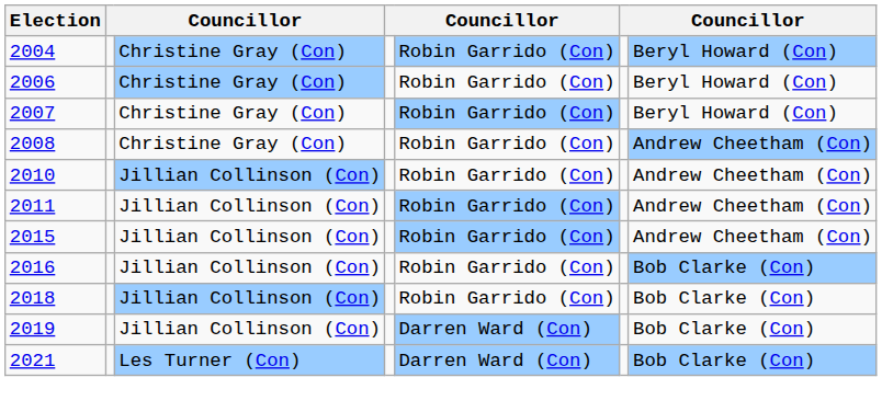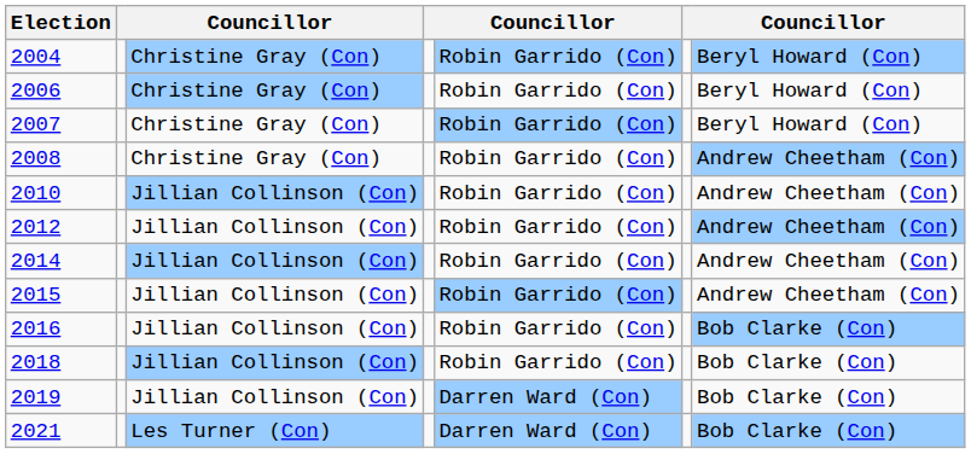 <table class="wikitable">
 <tr>
 <th>Election</th>
 <th colspan="2">Councillor</th>
 <th colspan="2">Councillor</th>
 <th colspan="2">Councillor</th>
 </tr>
 <tr>
 <td><a href='#'>2004</a></td>
 <td style="background-color: "></td>
 <td bgcolor="#99CCFF">Christine Gray (<a href='#'>Con</a>)</td>
 <td style="background-color: "></td>
 <td bgcolor="#99CCFF">Robin Garrido (<a href='#'>Con</a>)</td>
 <td style="background-color: "></td>
 <td bgcolor="#99CCFF">Beryl Howard (<a href='#'>Con</a>)</td>
 </tr>
 <tr>
 <td><a href='#'>2006</a></td>
 <td style="background-color: "></td>
 <td bgcolor="#99CCFF">Christine Gray (<a href='#'>Con</a>)</td>
 <td style="background-color: "></td>
 <td>Robin Garrido (<a href='#'>Con</a>)</td>
 <td style="background-color: "></td>
 <td>Beryl Howard (<a href='#'>Con</a>)</td>
 </tr>
 <tr>
 <td><a href='#'>2007</a></td>
 <td style="background-color: "></td>
 <td>Christine Gray (<a href='#'>Con</a>)</td>
 <td style="background-color: "></td>
 <td bgcolor="#99CCFF">Robin Garrido (<a href='#'>Con</a>)</td>
 <td style="background-color: "></td>
 <td>Beryl Howard (<a href='#'>Con</a>)</td>
 </tr>
 <tr>
 <td><a href='#'>2008</a></td>
 <td style="background-color: "></td>
 <td>Christine Gray (<a href='#'>Con</a>)</td>
 <td style="background-color: "></td>
 <td>Robin Garrido (<a href='#'>Con</a>)</td>
 <td style="background-color: "></td>
 <td bgcolor="#99CCFF">Andrew Cheetham (<a href='#'>Con</a>)</td>
 </tr>
 <tr>
 <td><a href='#'>2010</a></td>
 <td style="background-color: "></td>
 <td bgcolor="#99CCFF">Jillian Collinson (<a href='#'>Con</a>)</td>
 <td style="background-color: "></td>
 <td>Robin Garrido (<a href='#'>Con</a>)</td>
 <td style="background-color: "></td>
 <td>Andrew Cheetham (<a href='#'>Con</a>)</td>
 </tr>
 <tr>
-<td><a href='#'>2011</a></td>
+<td><a href='#'>2012</a></td>
 <td style="background-color: "></td>
 <td>Jillian Collinson (<a href='#'>Con</a>)</td>
 <td style="background-color: "></td>
-<td bgcolor="#99CCFF">Robin Garrido (<a href='#'>Con</a>)</td>
+<td>Robin Garrido (<a href='#'>Con</a>)</td>
+<td style="background-color: "></td>
+<td bgcolor="#99CCFF">Andrew Cheetham (<a href='#'>Con</a>)</td>
+</tr>
+<tr>
+<td><a href='#'>2014</a></td>
+<td style="background-color: "></td>
+<td bgcolor="#99CCFF">Jillian Collinson (<a href='#'>Con</a>)</td>
+<td style="background-color: "></td>
+<td>Robin Garrido (<a href='#'>Con</a>)</td>
 <td style="background-color: "></td>
 <td>Andrew Cheetham (<a href='#'>Con</a>)</td>
 </tr>
 <tr>
 <td><a href='#'>2015</a></td>
 <td style="background-color: "></td>
 <td>Jillian Collinson (<a href='#'>Con</a>)</td>
 <td style="background-color: "></td>
 <td bgcolor="#99CCFF">Robin Garrido (<a href='#'>Con</a>)</td>
 <td style="background-color: "></td>
 <td>Andrew Cheetham (<a href='#'>Con</a>)</td>
 </tr>
 <tr>
 <td><a href='#'>2016</a></td>
 <td style="background-color: "></td>
 <td>Jillian Collinson (<a href='#'>Con</a>)</td>
 <td style="background-color: "></td>
 <td>Robin Garrido (<a href='#'>Con</a>)</td>
 <td style="background-color: "></td>
 <td bgcolor="#99CCFF">Bob Clarke (<a href='#'>Con</a>)</td>
 </tr>
 <tr>
 <td><a href='#'>2018</a></td>
 <td style="background-color: "></td>
 <td bgcolor="#99CCFF">Jillian Collinson (<a href='#'>Con</a>)</td>
 <td style="background-color: "></td>
 <td>Robin Garrido (<a href='#'>Con</a>)</td>
 <td style="background-color: "></td>
 <td>Bob Clarke (<a href='#'>Con</a>)</td>
 </tr>
 <tr>
 <td><a href='#'>2019</a></td>
 <td style="background-color: "></td>
 <td>Jillian Collinson (<a href='#'>Con</a>)</td>
 <td style="background-color: "></td>
 <td bgcolor="#99CCFF">Darren Ward (<a href='#'>Con</a>)</td>
 <td style="background-color: "></td>
 <td>Bob Clarke (<a href='#'>Con</a>)</td>
 </tr>
 <tr>
 <td><a href='#'>2021</a></td>
 <td style="background-color: "></td>
 <td bgcolor="#99CCFF">Les Turner (<a href='#'>Con</a>)</td>
 <td style="background-color: "></td>
 <td bgcolor="#99CCFF">Darren Ward (<a href='#'>Con</a>)</td>
 <td style="background-color: "></td>
 <td bgcolor="#99CCFF">Bob Clarke (<a href='#'>Con</a>)</td>
 </tr>
 </table>
